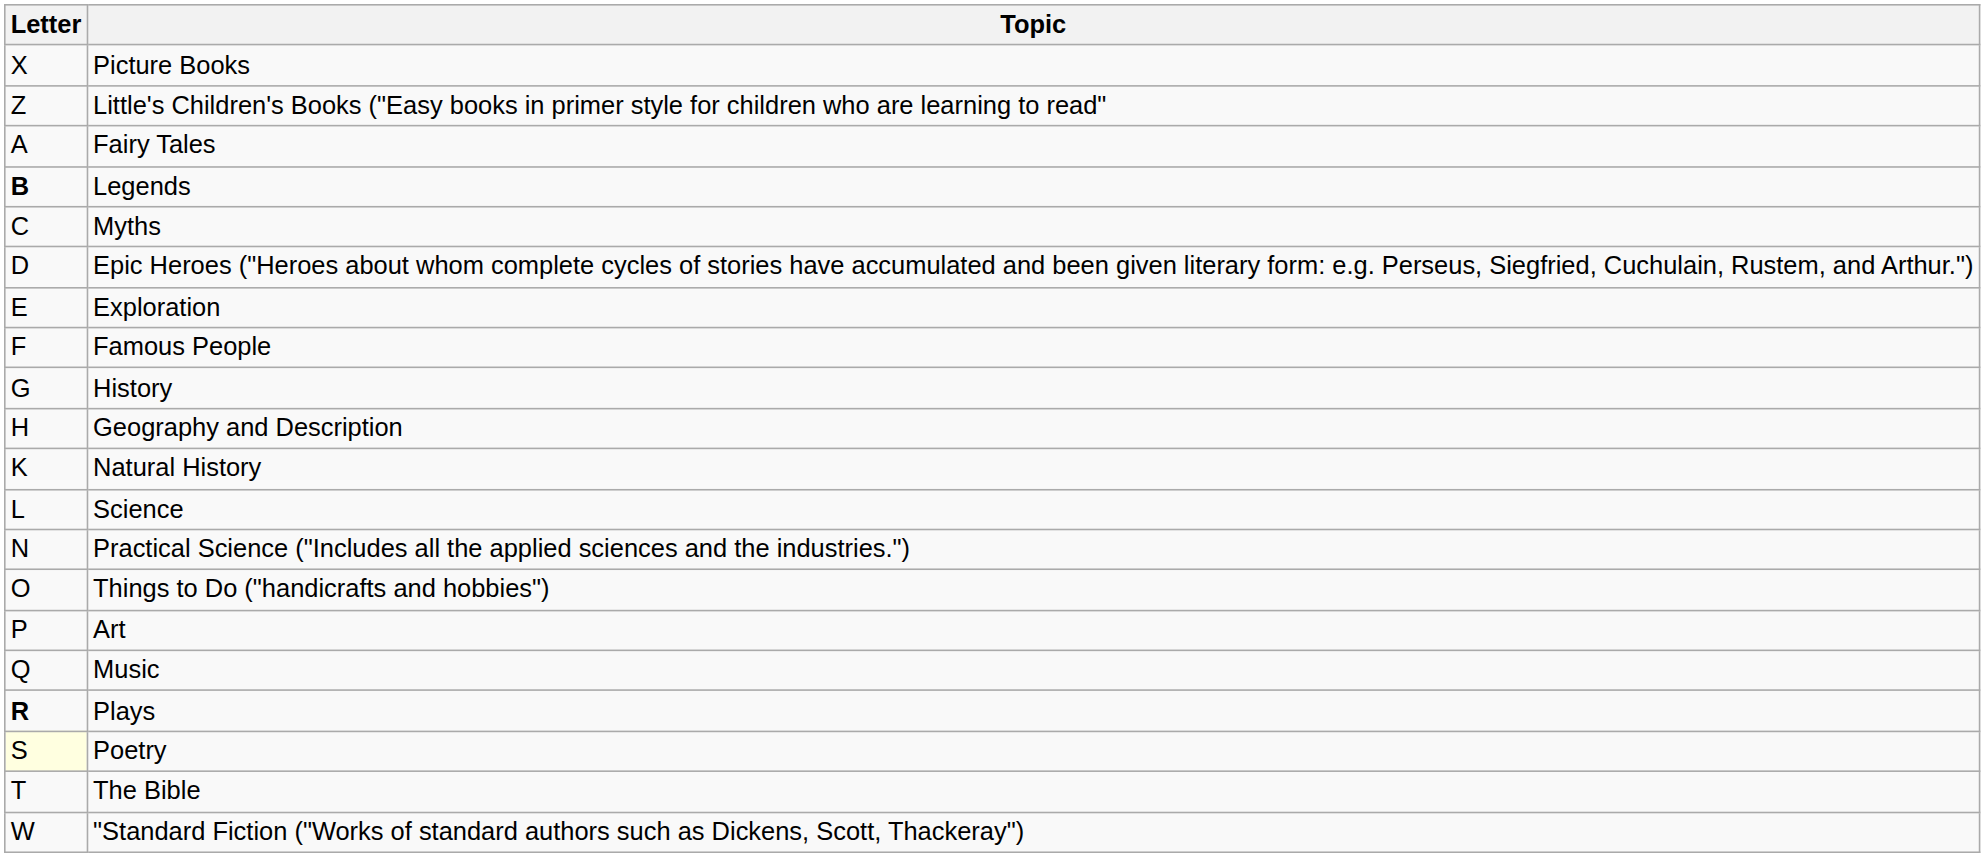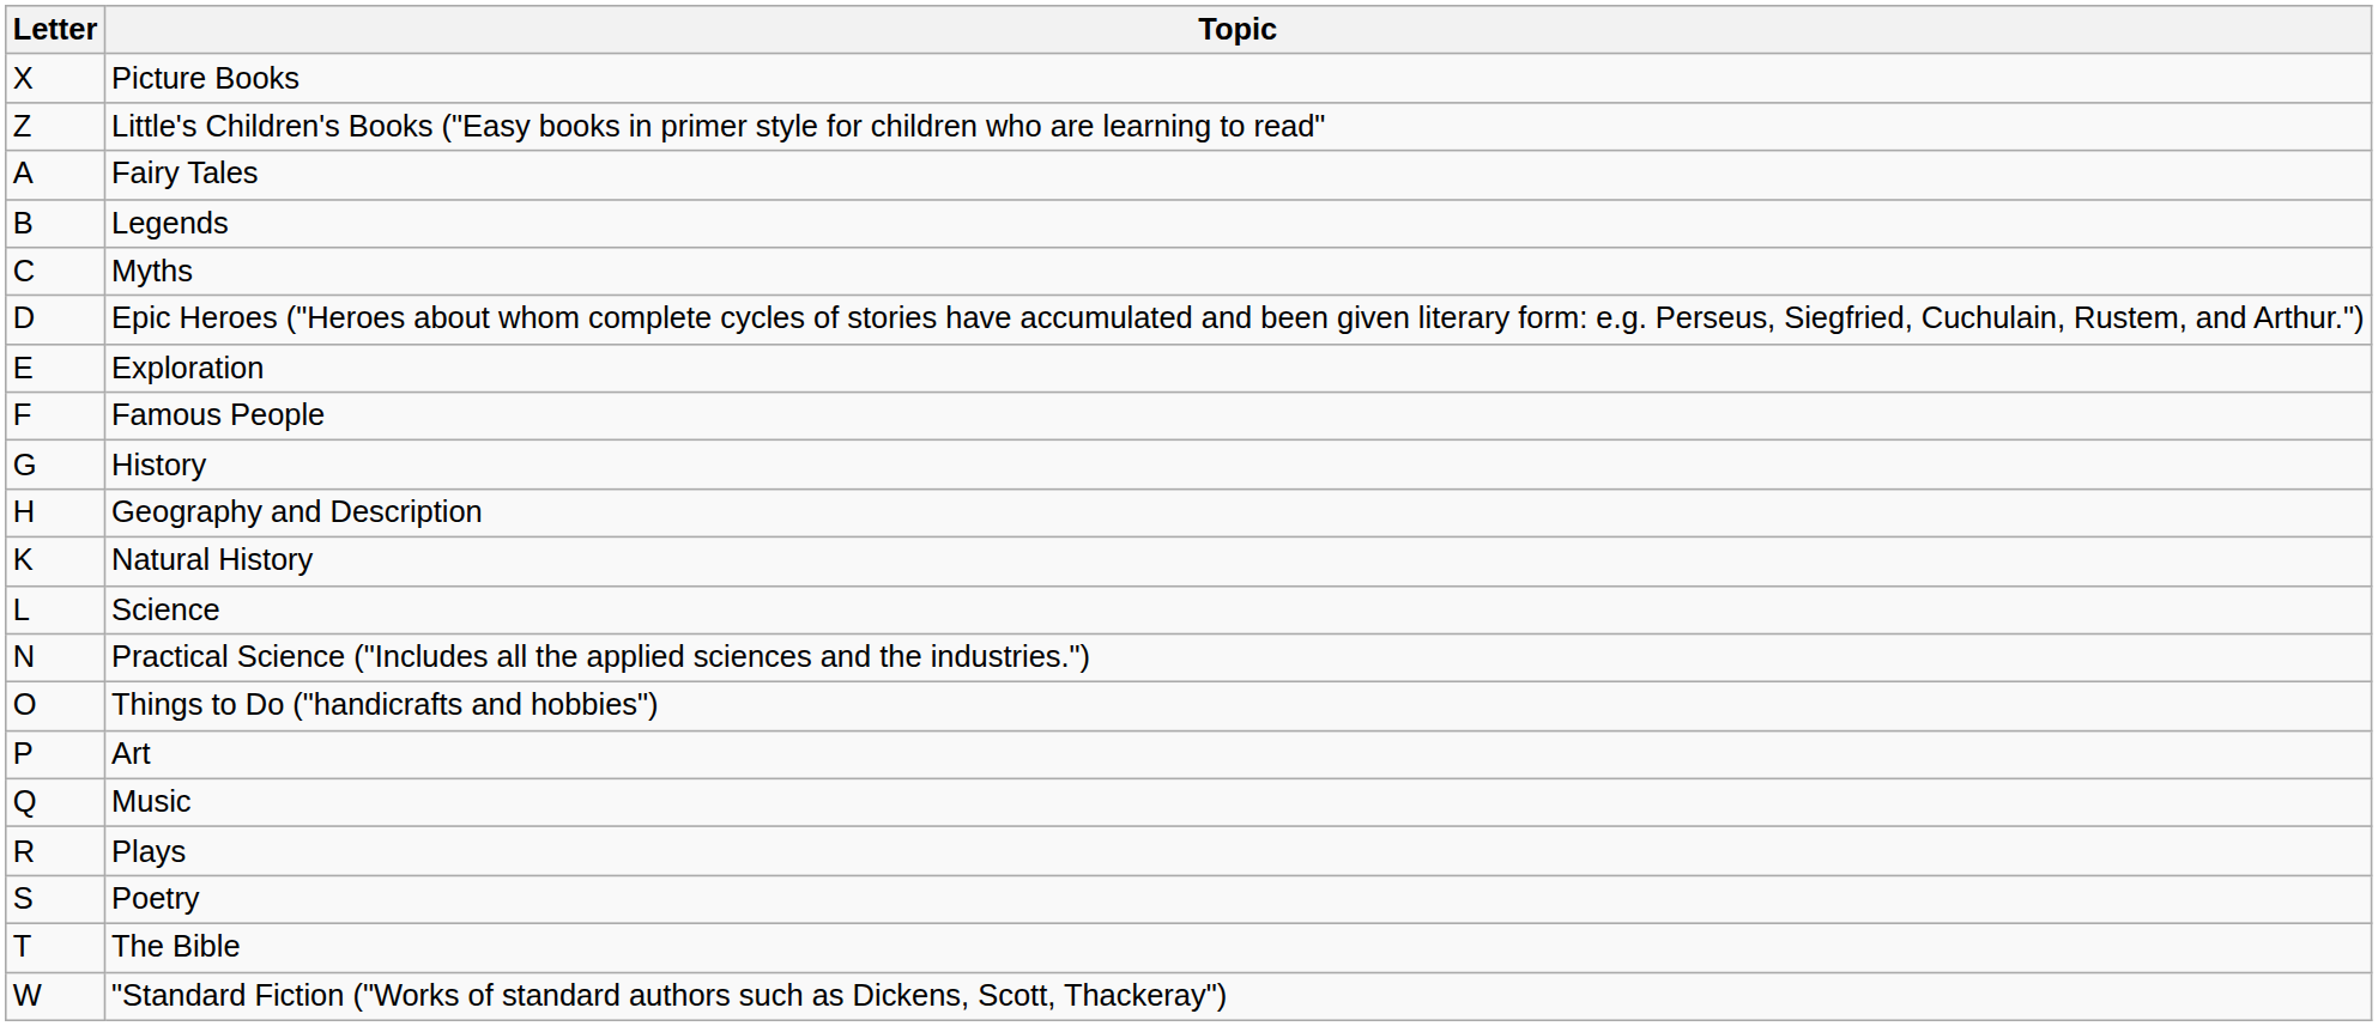 <table class="wikitable">
 <tr>
 <th>Letter</th>
 <th>Topic</th>
 </tr>
 <tr>
 <td>X</td>
 <td>Picture Books</td>
 </tr>
 <tr>
 <td>Z</td>
 <td>Little's Children's Books ("Easy books in primer style for children who are learning to read"</td>
 </tr>
 <tr>
 <td>A</td>
 <td>Fairy Tales</td>
 </tr>
 <tr>
-<td><strong>B</strong></td>
+<td>B</td>
 <td>Legends</td>
 </tr>
 <tr>
 <td>C</td>
 <td>Myths</td>
 </tr>
 <tr>
 <td>D</td>
 <td>Epic Heroes ("Heroes about whom complete cycles of stories have accumulated and been given literary form: e.g. Perseus, Siegfried, Cuchulain, Rustem, and Arthur.")</td>
 </tr>
 <tr>
 <td>E</td>
 <td>Exploration</td>
 </tr>
 <tr>
 <td>F</td>
 <td>Famous People</td>
 </tr>
 <tr>
 <td>G</td>
 <td>History</td>
 </tr>
 <tr>
 <td>H</td>
 <td>Geography and Description</td>
 </tr>
 <tr>
 <td>K</td>
 <td>Natural History</td>
 </tr>
 <tr>
 <td>L</td>
 <td>Science</td>
 </tr>
 <tr>
 <td>N</td>
 <td>Practical Science ("Includes all the applied sciences and the industries.")</td>
 </tr>
 <tr>
 <td>O</td>
 <td>Things to Do ("handicrafts and hobbies") </td>
 </tr>
 <tr>
 <td>P</td>
 <td>Art</td>
 </tr>
 <tr>
 <td>Q</td>
 <td>Music</td>
 </tr>
 <tr>
-<td><strong>R</strong></td>
+<td>R</td>
 <td>Plays</td>
 </tr>
 <tr>
-<td style="background: lightyellow;">S</td>
+<td>S</td>
 <td>Poetry</td>
 </tr>
 <tr>
 <td>T</td>
 <td>The Bible</td>
 </tr>
 <tr>
 <td>W</td>
 <td>"Standard Fiction ("Works of standard authors such as Dickens, Scott, Thackeray")</td>
 </tr>
 </table>
